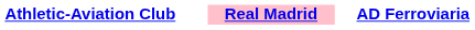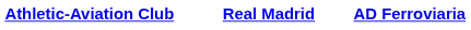 <table cellspacing=1 width=40% align=center>
 <tr>
 <td align=center></td>
 <td align=center><br></td>
 <td align=center></td>
 </tr>
 <tr>
 <td align=center><strong><a href='#'>Athletic-Aviation Club</a></strong></td>
-<td align=center style="background: pink;"><strong><a href='#'>Real Madrid</a></strong></td>
+<td align=center><strong><a href='#'>Real Madrid</a></strong></td>
 <td align=center><strong><a href='#'>AD Ferroviaria</a></strong></td>
 </tr>
 </table>
